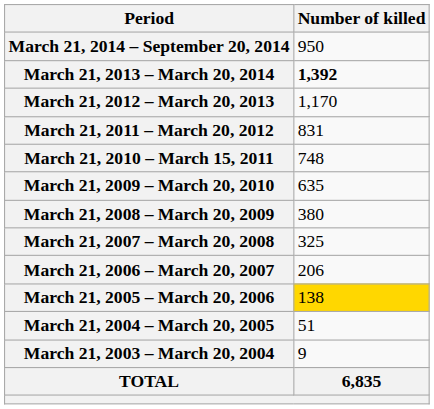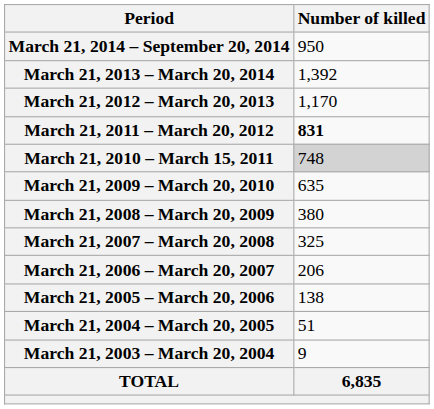 <table class="wikitable" align="center" style="margin:0 1em 0.5em 0;">
 <tr>
 <th>Period</th>
 <th>Number of killed</th>
 </tr>
 <tr>
 <th>March 21, 2014 – September 20, 2014</th>
 <td>950</td>
 </tr>
 <tr>
 <th>March 21, 2013 – March 20, 2014</th>
-<td><strong>1,392</strong></td>
+<td>1,392</td>
 </tr>
 <tr>
 <th>March 21, 2012 – March 20, 2013</th>
 <td>1,170</td>
 </tr>
 <tr>
 <th>March 21, 2011 – March 20, 2012</th>
-<td>831</td>
+<td><strong>831</strong></td>
 </tr>
 <tr>
 <th>March 21, 2010 – March 15, 2011</th>
-<td>748</td>
+<td style="background: lightgrey;">748</td>
 </tr>
 <tr>
 <th>March 21, 2009 – March 20, 2010</th>
 <td>635</td>
 </tr>
 <tr>
 <th>March 21, 2008 – March 20, 2009</th>
 <td>380</td>
 </tr>
 <tr>
 <th>March 21, 2007 – March 20, 2008</th>
 <td>325</td>
 </tr>
 <tr>
 <th>March 21, 2006 – March 20, 2007</th>
 <td>206</td>
 </tr>
 <tr>
 <th>March 21, 2005 – March 20, 2006</th>
-<td style="background: gold;">138</td>
+<td>138</td>
 </tr>
 <tr>
 <th>March 21, 2004 – March 20, 2005</th>
 <td>51</td>
 </tr>
 <tr>
 <th>March 21, 2003 – March 20, 2004</th>
 <td>9</td>
 </tr>
 <tr>
 <th><span>TOTAL</span></th>
 <th>6,835</th>
 </tr>
 <tr>
 <th colspan="5"></th>
 </tr>
 </table>
